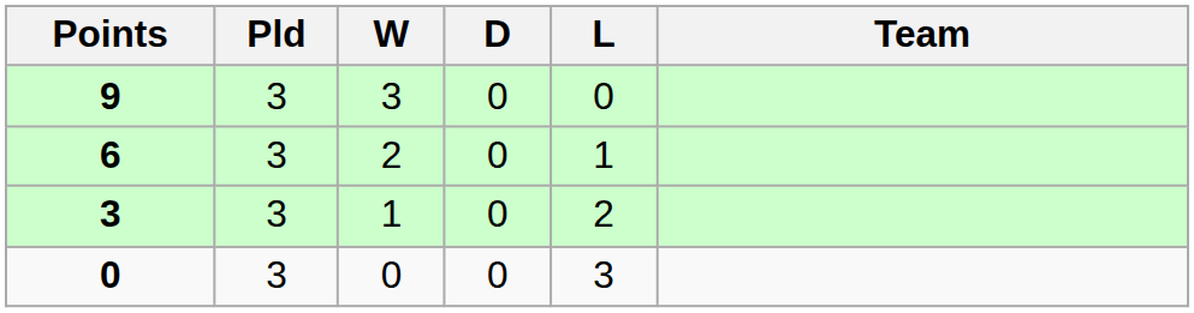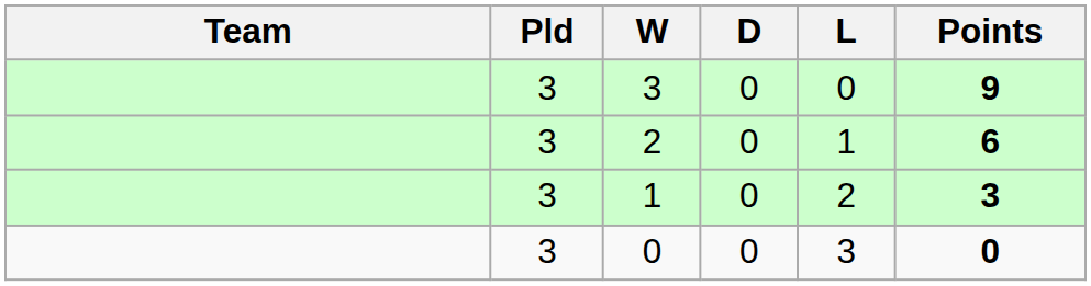 <table class=wikitable style="text-align:center" width=500>
 <tr>
-<th width=8%>Points</th>
+<th width=25%>Team</th>
 <th width=5%>Pld</th>
 <th width=5%>W</th>
 <th width=5%>D</th>
 <th width=5%>L</th>
-<th width=25%>Team</th>
+<th width=8%>Points</th>
 </tr>
 <tr bgcolor=#ccffcc>
-<td><strong>9</strong></td>
+<td align="left"></td>
 <td>3</td>
 <td>3</td>
 <td>0</td>
 <td>0</td>
-<td align="left"></td>
+<td><strong>9</strong></td>
 </tr>
 <tr bgcolor=#ccffcc>
-<td><strong>6</strong></td>
+<td align="left"></td>
 <td>3</td>
 <td>2</td>
 <td>0</td>
 <td>1</td>
-<td align="left"></td>
+<td><strong>6</strong></td>
 </tr>
 <tr bgcolor=#ccffcc>
-<td><strong>3</strong></td>
+<td align="left"></td>
 <td>3</td>
 <td>1</td>
 <td>0</td>
 <td>2</td>
-<td align="left"></td>
+<td><strong>3</strong></td>
 </tr>
 <tr>
-<td><strong>0</strong></td>
+<td align="left"></td>
 <td>3</td>
 <td>0</td>
 <td>0</td>
 <td>3</td>
-<td align="left"></td>
+<td><strong>0</strong></td>
 </tr>
 </table>
